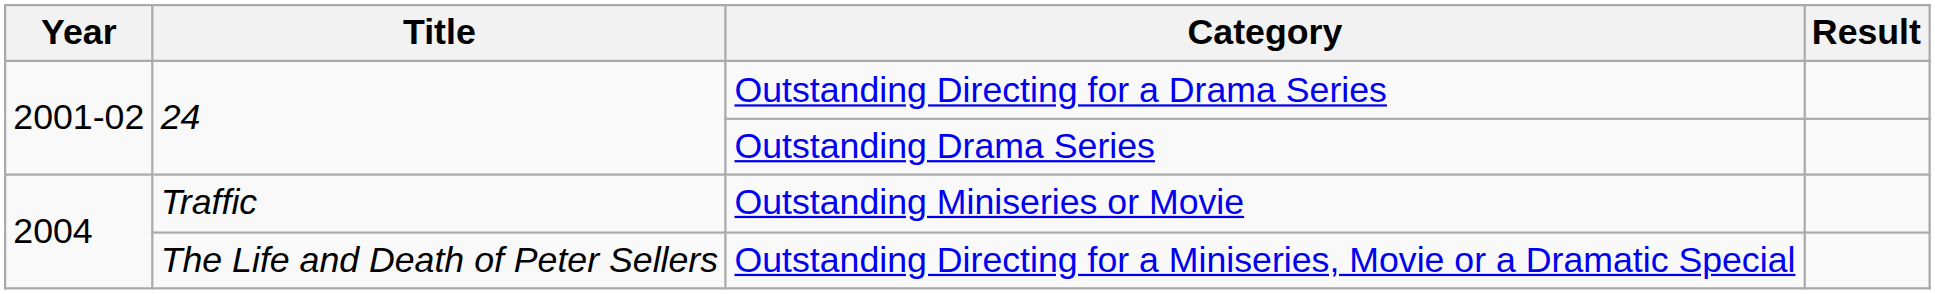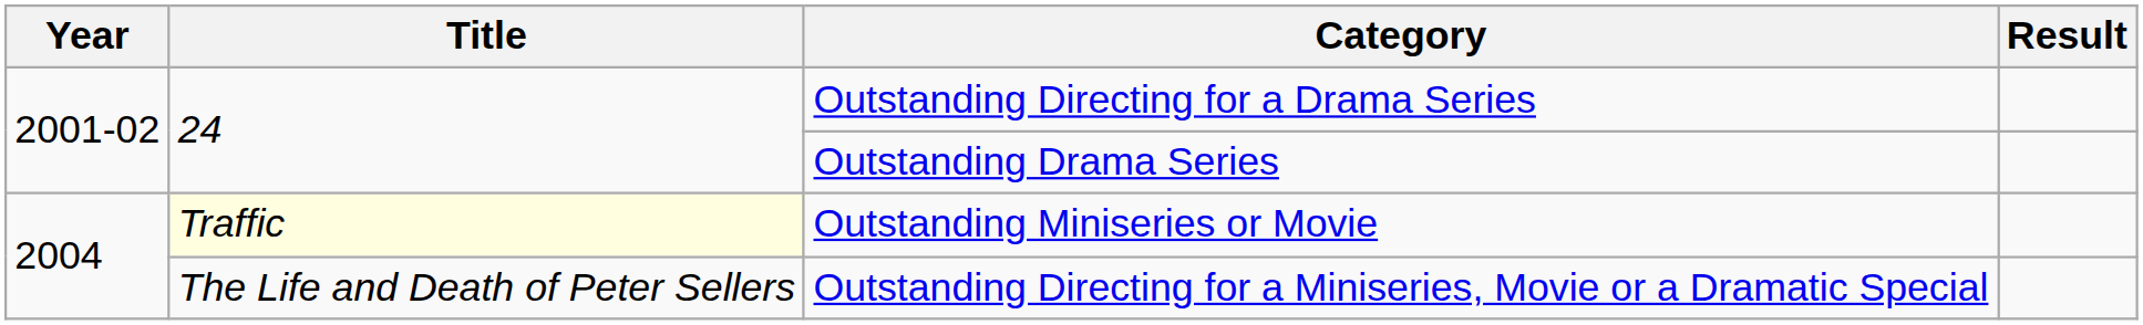 <table class="wikitable">
 <tr>
 <th>Year</th>
 <th>Title</th>
 <th>Category</th>
 <th>Result</th>
 </tr>
 <tr>
 <td rowspan=2>2001-02</td>
 <td rowspan=2><em>24</em></td>
 <td><a href='#'>Outstanding Directing for a Drama Series</a></td>
 <td></td>
 </tr>
 <tr>
 <td><a href='#'>Outstanding Drama Series</a></td>
 <td></td>
 </tr>
 <tr>
 <td rowspan=2>2004</td>
-<td><em>Traffic</em></td>
+<td style="background: lightyellow;"><em>Traffic</em></td>
 <td><a href='#'>Outstanding Miniseries or Movie</a></td>
 <td></td>
 </tr>
 <tr>
 <td><em>The Life and Death of Peter Sellers</em></td>
 <td><a href='#'>Outstanding Directing for a Miniseries, Movie or a Dramatic Special</a></td>
 <td></td>
 </tr>
 </table>
